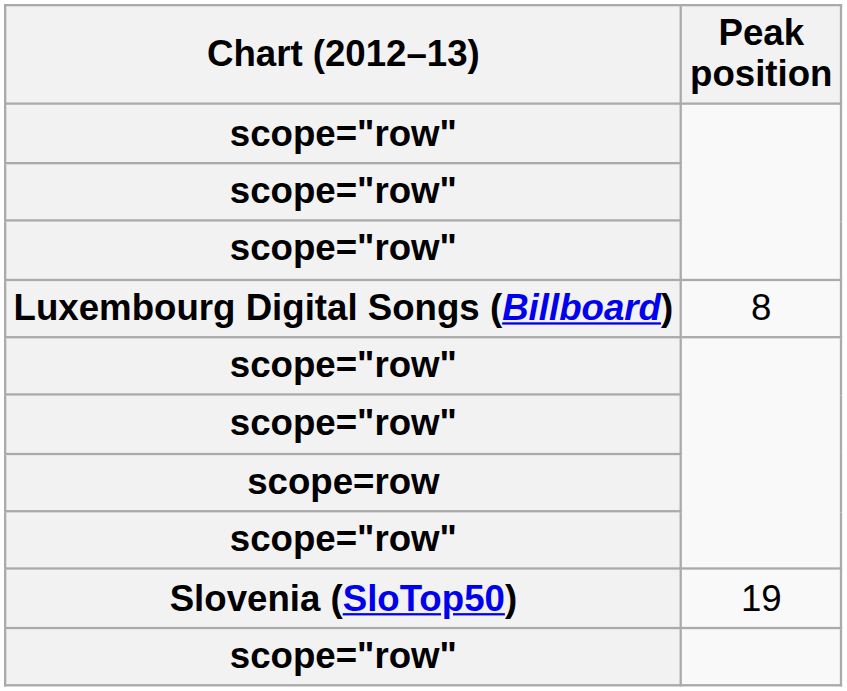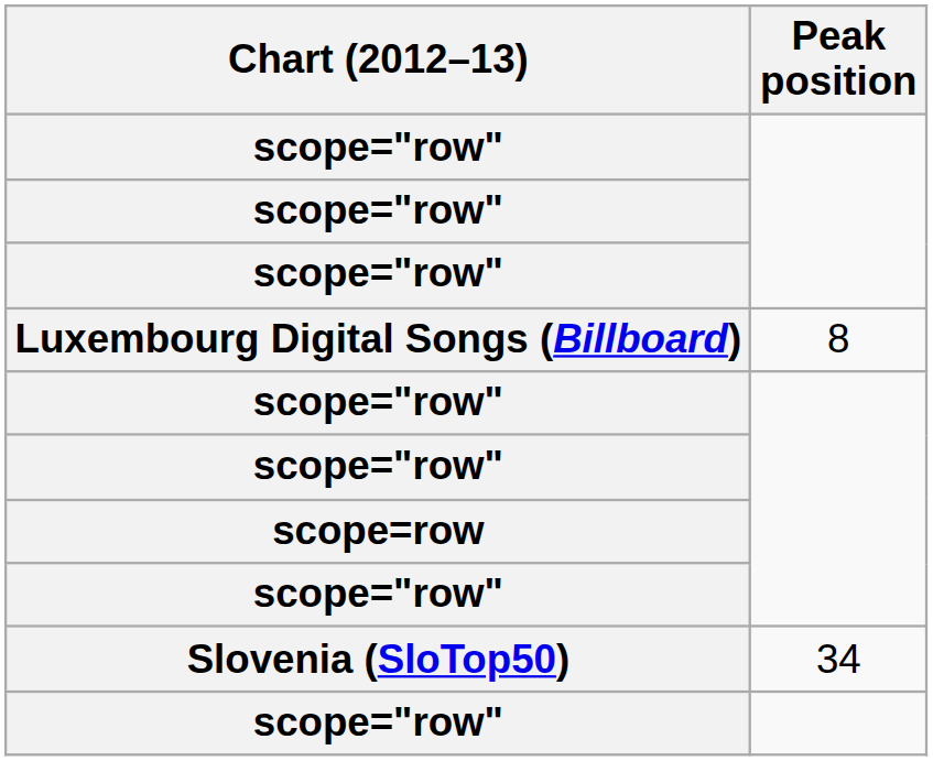 <table class="wikitable sortable plainrowheaders" style="text-align:center;">
 <tr>
 <th scope="col">Chart (2012–13)</th>
 <th scope="col">Peak<br>position</th>
 </tr>
 <tr>
 <th>scope="row"</th>
 </tr>
 <tr>
 <th>scope="row"</th>
 </tr>
 <tr>
 <th>scope="row"</th>
 </tr>
 <tr>
 <th scope="row">Luxembourg Digital Songs (<em><a href='#'>Billboard</a></em>)</th>
 <td style="text-align:center;">8</td>
 </tr>
 <tr>
 <th>scope="row"</th>
 </tr>
 <tr>
 <th>scope="row"</th>
 </tr>
 <tr>
 <th>scope=row</th>
 </tr>
 <tr>
 <th>scope="row"</th>
 </tr>
 <tr>
 <th scope="row">Slovenia (<a href='#'>SloTop50</a>)</th>
-<td align=center>19</td>
+<td align=center>34</td>
 </tr>
 <tr>
 <th>scope="row"</th>
 </tr>
 </table>
